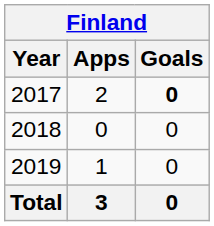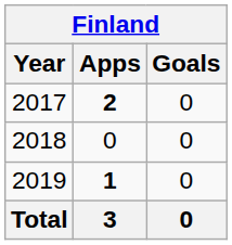 <table class=wikitable style=text-align:center>
 <tr>
 <th colspan=4><a href='#'>Finland</a></th>
 </tr>
 <tr>
 <th>Year</th>
 <th>Apps</th>
 <th>Goals</th>
 </tr>
 <tr>
 <td>2017</td>
-<td>2</td>
-<td><strong>0</strong></td>
+<td><strong>2</strong></td>
+<td>0</td>
 </tr>
 <tr>
 <td>2018</td>
 <td>0</td>
 <td>0</td>
 </tr>
 <tr>
 <td>2019</td>
-<td>1</td>
+<td><strong>1</strong></td>
 <td>0</td>
 </tr>
 <tr>
 <th colspan=1>Total</th>
 <th>3</th>
 <th>0</th>
 </tr>
 </table>
